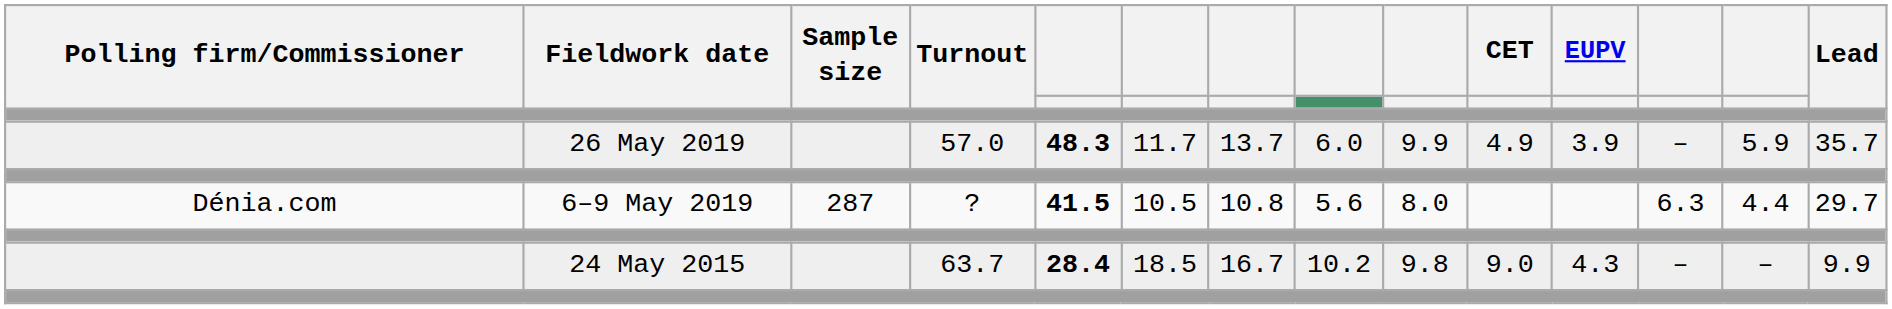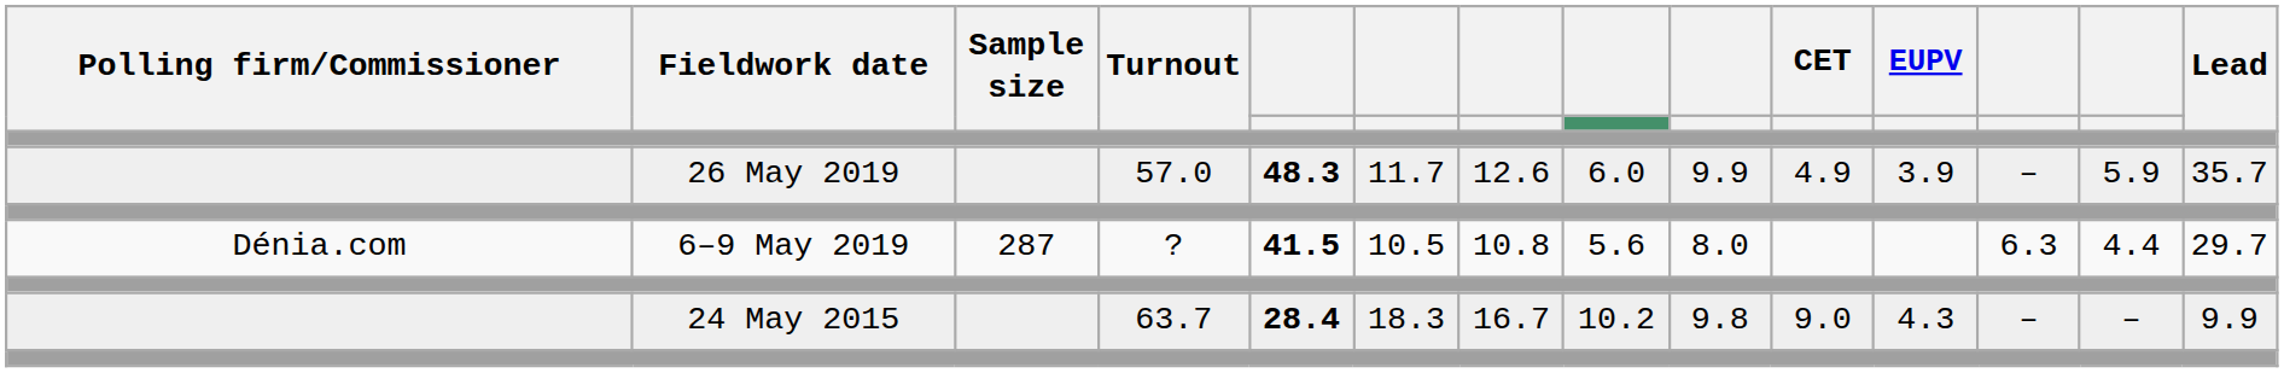 <table class="wikitable collapsible collapsed" style="text-align:center; font-size:95%; line-height:16px;">
 <tr style="height:42px;">
 <th style="width:250px;" rowspan="2">Polling firm/Commissioner</th>
 <th style="width:125px;" rowspan="2">Fieldwork date</th>
 <th style="width:50px;" rowspan="2">Sample size</th>
 <th style="width:45px;" rowspan="2">Turnout</th>
 <th style="width:35px;"></th>
 <th style="width:35px;"></th>
 <th style="width:35px;"></th>
 <th style="width:35px;"></th>
 <th style="width:35px;"></th>
 <th style="width:35px;">CET</th>
 <th style="width:35px; font-size:95%;"><a href='#'>EUPV</a></th>
 <th style="width:35px;"></th>
 <th style="width:35px;"></th>
 <th style="width:30px;" rowspan="2">Lead</th>
 </tr>
 <tr>
 <th style="color:inherit;background:"></th>
 <th style="color:inherit;background:"></th>
 <th style="color:inherit;background:"></th>
 <th style="color:inherit;background:#44906A;"></th>
 <th style="color:inherit;background:"></th>
 <th style="color:inherit;background:"></th>
 <th style="color:inherit;background:"></th>
 <th style="color:inherit;background:"></th>
 <th style="color:inherit;background:"></th>
 </tr>
 <tr>
 <td colspan="14" style="background:#A0A0A0"></td>
 </tr>
 <tr style="background:#EFEFEF;">
 <td><strong></strong></td>
 <td>26 May 2019</td>
 <td></td>
 <td>57.0</td>
 <td><strong>48.3</strong><br></td>
 <td>11.7<br></td>
-<td>13.7<br></td>
+<td>12.6<br></td>
 <td>6.0<br></td>
 <td>9.9<br></td>
 <td>4.9<br></td>
 <td>3.9<br></td>
 <td>–</td>
 <td>5.9<br></td>
 <td style="background:">35.7</td>
 </tr>
 <tr>
 <td colspan="14" style="background:#A0A0A0"></td>
 </tr>
 <tr>
 <td>Dénia.com</td>
 <td>6–9 May 2019</td>
 <td>287</td>
 <td>?</td>
 <td><strong>41.5</strong><br></td>
 <td>10.5<br></td>
 <td>10.8<br></td>
 <td>5.6<br></td>
 <td>8.0<br></td>
 <td></td>
 <td></td>
 <td>6.3<br></td>
 <td>4.4<br></td>
 <td style="background:">29.7</td>
 </tr>
 <tr>
 <td colspan="14" style="background:#A0A0A0"></td>
 </tr>
 <tr style="background:#EFEFEF;">
 <td><strong></strong></td>
 <td>24 May 2015</td>
 <td></td>
 <td>63.7</td>
 <td><strong>28.4</strong><br></td>
-<td>18.5<br></td>
+<td>18.3<br></td>
 <td>16.7<br></td>
 <td>10.2<br></td>
 <td>9.8<br></td>
 <td>9.0<br></td>
 <td>4.3<br></td>
 <td>–</td>
 <td>–</td>
 <td style="background:">9.9</td>
 </tr>
 <tr>
 <td colspan="14" style="background:#A0A0A0"></td>
 </tr>
 </table>
